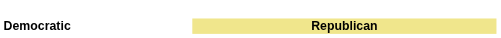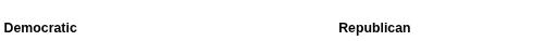 <table style="width:50em; text-align:center">
 <tr style="color:white">
 <td style="background:"><strong>49</strong></td>
 <td style="background:"><strong>47</strong></td>
 </tr>
 <tr>
 <td><span><strong>Democratic</strong></span></td>
-<td style="background: khaki;"><span><strong>Republican</strong></span></td>
+<td><span><strong>Republican</strong></span></td>
 </tr>
 </table>
